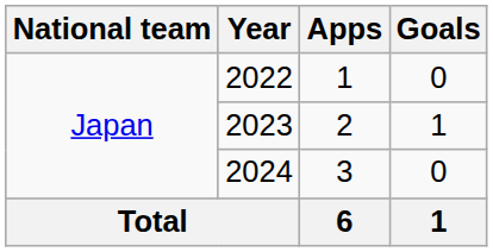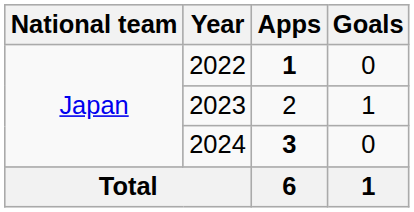 <table class="wikitable" style="text-align:center">
 <tr>
 <th>National team</th>
 <th>Year</th>
 <th>Apps</th>
 <th>Goals</th>
 </tr>
 <tr>
 <td rowspan="3"><a href='#'>Japan</a></td>
 <td>2022</td>
-<td>1</td>
+<td><strong>1</strong></td>
 <td>0</td>
 </tr>
 <tr>
 <td>2023</td>
 <td>2</td>
 <td>1</td>
 </tr>
 <tr>
 <td>2024</td>
-<td>3</td>
+<td><strong>3</strong></td>
 <td>0</td>
 </tr>
 <tr>
 <th colspan="2">Total</th>
 <th>6</th>
 <th>1</th>
 </tr>
 </table>
